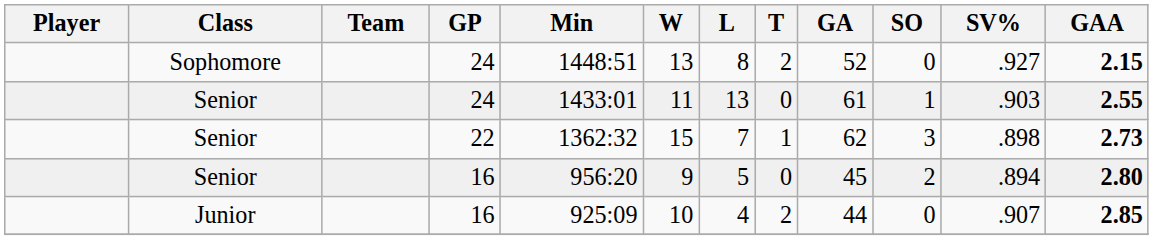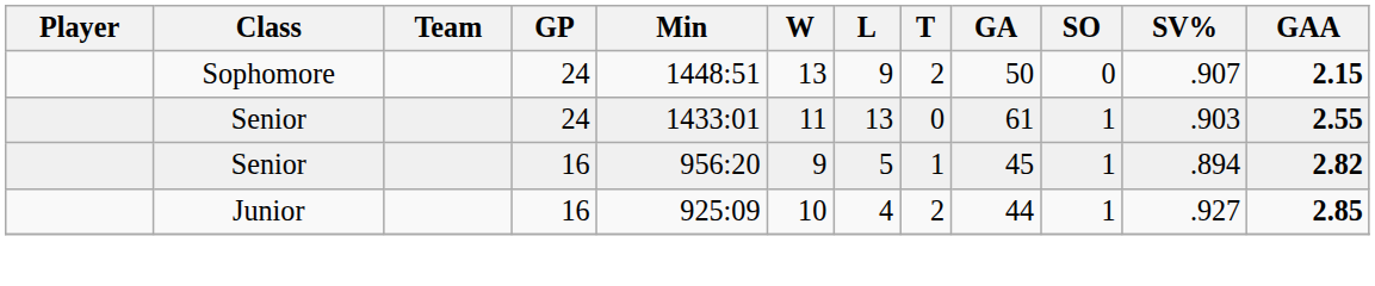 <table class="wikitable sortable" style="text-align: center; "width=60%">
 <tr>
 <th>Player</th>
 <th>Class</th>
 <th>Team</th>
 <th>GP</th>
 <th>Min</th>
 <th>W</th>
 <th>L</th>
 <th>T</th>
 <th>GA</th>
 <th>SO</th>
 <th>SV%</th>
 <th>GAA</th>
 </tr>
 <tr>
 <td style="text-align: left"></td>
 <td>Sophomore</td>
 <td><strong><a href='#'></a></strong></td>
 <td style="text-align: right">24</td>
 <td style="text-align: right">1448:51</td>
 <td style="text-align: right">13</td>
-<td style="text-align: right">8</td>
+<td style="text-align: right">9</td>
 <td style="text-align: right">2</td>
-<td style="text-align: right">52</td>
+<td style="text-align: right">50</td>
 <td style="text-align: right">0</td>
-<td style="text-align: right">.927</td>
+<td style="text-align: right">.907</td>
 <td style="text-align: right"><strong>2.15</strong></td>
 </tr>
 <tr bgcolor=f0f0f0>
 <td style="text-align: left"></td>
 <td>Senior</td>
 <td><strong><a href='#'></a></strong></td>
 <td style="text-align: right">24</td>
 <td style="text-align: right">1433:01</td>
 <td style="text-align: right">11</td>
 <td style="text-align: right">13</td>
 <td style="text-align: right">0</td>
 <td style="text-align: right">61</td>
 <td style="text-align: right">1</td>
 <td style="text-align: right">.903</td>
 <td style="text-align: right"><strong>2.55</strong></td>
 </tr>
-<tr>
-<td style="text-align: left"></td>
-<td>Senior</td>
-<td><strong><a href='#'></a></strong></td>
-<td style="text-align: right">22</td>
-<td style="text-align: right">1362:32</td>
-<td style="text-align: right">15</td>
-<td style="text-align: right">7</td>
-<td style="text-align: right">1</td>
-<td style="text-align: right">62</td>
-<td style="text-align: right">3</td>
-<td style="text-align: right">.898</td>
-<td style="text-align: right"><strong>2.73</strong></td>
-</tr>
 <tr bgcolor=f0f0f0>
 <td style="text-align: left"></td>
 <td>Senior</td>
 <td><strong><a href='#'></a></strong></td>
 <td style="text-align: right">16</td>
 <td style="text-align: right">956:20</td>
 <td style="text-align: right">9</td>
 <td style="text-align: right">5</td>
-<td style="text-align: right">0</td>
+<td style="text-align: right">1</td>
 <td style="text-align: right">45</td>
-<td style="text-align: right">2</td>
+<td style="text-align: right">1</td>
 <td style="text-align: right">.894</td>
-<td style="text-align: right"><strong>2.80</strong></td>
+<td style="text-align: right"><strong>2.82</strong></td>
 </tr>
 <tr>
 <td style="text-align: left"></td>
 <td>Junior</td>
 <td><strong><a href='#'></a></strong></td>
 <td style="text-align: right">16</td>
 <td style="text-align: right">925:09</td>
 <td style="text-align: right">10</td>
 <td style="text-align: right">4</td>
 <td style="text-align: right">2</td>
 <td style="text-align: right">44</td>
-<td style="text-align: right">0</td>
-<td style="text-align: right">.907</td>
+<td style="text-align: right">1</td>
+<td style="text-align: right">.927</td>
 <td style="text-align: right"><strong>2.85</strong></td>
 </tr>
 <tr>
 </tr>
 </table>
